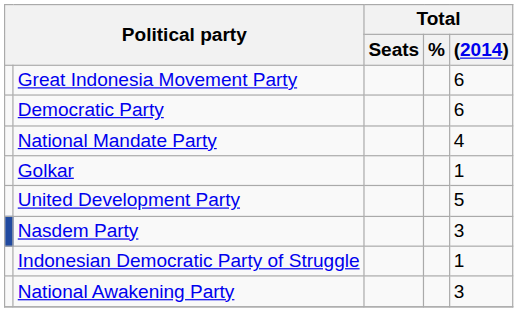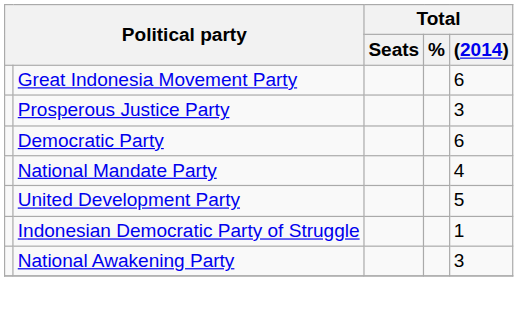 <table class="wikitable">
 <tr>
 <th colspan="2" rowspan="2">Political party</th>
 <th colspan="3">Total</th>
 </tr>
 <tr>
 <th>Seats</th>
 <th>%</th>
 <th>  (<a href='#'>2014</a>)</th>
 </tr>
 <tr>
 <td style="background:"></td>
 <td><a href='#'>Great Indonesia Movement Party</a></td>
 <td></td>
 <td></td>
 <td> 6</td>
 </tr>
 <tr>
 <td style="background:"></td>
+<td><a href='#'>Prosperous Justice Party</a></td>
+<td></td>
+<td></td>
+<td> 3</td>
+</tr>
+<tr>
+<td style="background:"></td>
 <td><a href='#'>Democratic Party</a></td>
 <td></td>
 <td></td>
 <td> 6</td>
 </tr>
 <tr>
 <td style="background:"></td>
 <td><a href='#'>National Mandate Party</a></td>
 <td></td>
 <td></td>
 <td> 4</td>
 </tr>
 <tr>
 <td style="background:"></td>
-<td><a href='#'>Golkar</a></td>
-<td></td>
-<td></td>
-<td> 1</td>
-</tr>
-<tr>
-<td style="background:"></td>
 <td><a href='#'>United Development Party</a></td>
 <td></td>
 <td></td>
 <td> 5</td>
-</tr>
-<tr>
-<td style="background:#214aa0"></td>
-<td><a href='#'>Nasdem Party</a></td>
-<td></td>
-<td></td>
-<td> 3</td>
 </tr>
 <tr>
 <td style="background:"></td>
 <td><a href='#'>Indonesian Democratic Party of Struggle</a></td>
 <td></td>
 <td></td>
 <td> 1</td>
 </tr>
 <tr>
 <td style="background:"></td>
 <td><a href='#'>National Awakening Party</a></td>
 <td></td>
 <td></td>
 <td> 3</td>
 </tr>
 <tr>
 </tr>
 </table>
